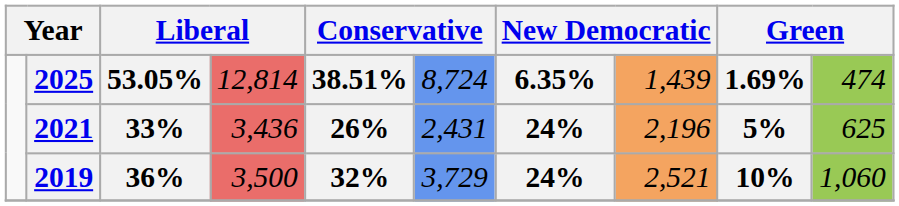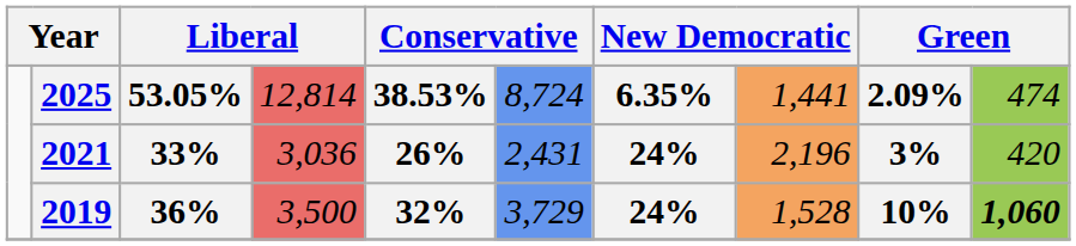 <table class="wikitable" style="float:right; width:400; font-size:90%; margin-left:1em;">
 <tr>
 <th colspan="2" scope="col">Year</th>
 <th colspan="2" scope="col"><a href='#'>Liberal</a></th>
 <th colspan="2" scope="col"><a href='#'>Conservative</a></th>
 <th colspan="2" scope="col"><a href='#'>New Democratic</a></th>
 <th colspan="2" scope="col"><a href='#'>Green</a></th>
 </tr>
 <tr>
 <td rowspan="3" style="width: 0.25em; background-color: "></td>
 <th><a href='#'>2025</a></th>
 <th><strong>53.05%</strong></th>
 <td style="text-align:right; background:#EA6D6A;"><em>12,814</em></td>
-<th>38.51%</th>
+<th>38.53%</th>
 <td style="text-align:right; background:#6495ED;"><em>8,724</em></td>
 <th>6.35%</th>
-<td style="text-align:right; background:#F4A460;"><em>1,439</em></td>
-<th>1.69%</th>
+<td style="text-align:right; background:#F4A460;"><em>1,441</em></td>
+<th>2.09%</th>
 <td style="text-align:right; background:#99C955;"><em>474</em></td>
 </tr>
 <tr>
 <th><a href='#'>2021</a></th>
 <th><strong>33%</strong></th>
-<td style="text-align:right; background:#EA6D6A;"><em>3,436</em></td>
+<td style="text-align:right; background:#EA6D6A;"><em>3,036</em></td>
 <th>26%</th>
 <td style="text-align:right; background:#6495ED;"><em>2,431</em></td>
 <th>24%</th>
 <td style="text-align:right; background:#F4A460;"><em>2,196</em></td>
-<th>5%</th>
-<td style="text-align:right; background:#99C955;"><em>625</em></td>
+<th>3%</th>
+<td style="text-align:right; background:#99C955;"><em>420</em></td>
 </tr>
 <tr>
 <th><a href='#'>2019</a></th>
 <th><strong>36%</strong></th>
 <td style="text-align:right; background:#EA6D6A;"><em>3,500</em></td>
 <th>32%</th>
 <td style="text-align:right; background:#6495ED;"><em>3,729</em></td>
 <th>24%</th>
-<td style="text-align:right; background:#F4A460;"><em>2,521</em></td>
+<td style="text-align:right; background:#F4A460;"><em>1,528</em></td>
 <th>10%</th>
-<td style="text-align:right; background:#99C955;"><em>1,060</em></td>
+<td style="text-align:right; background:#99C955;"><strong><em>1,060</em></strong></td>
 </tr>
 <tr>
 </tr>
 </table>
